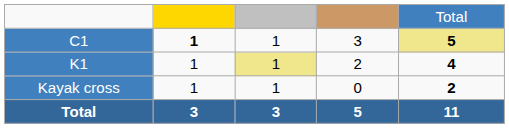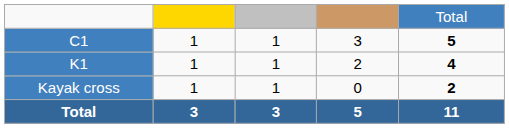 <table class="wikitable"  style="font-size:95%; text-align:center; border:gray solid 1px; width:40%;">
 <tr>
 <td rowspan="2" style="width:3%;"></td>
 </tr>
 <tr>
 <td style="width:2%;" bgcolor=gold></td>
 <td style="width:2%;" bgcolor=silver></td>
 <td style="width:2%;" bgcolor=cc9966></td>
 <td style="width:2%; background-color:#4180be; color:white;">Total</td>
 </tr>
 <tr>
 <td style="background-color:#4180be; color:white;">C1</td>
-<td><strong>1</strong></td>
+<td>1</td>
 <td>1</td>
 <td>3</td>
-<td style="background: khaki;"><strong>5</strong></td>
+<td><strong>5</strong></td>
 </tr>
 <tr>
 <td style="background-color:#4180be; color:white;">K1</td>
 <td>1</td>
-<td style="background: khaki;">1</td>
+<td>1</td>
 <td>2</td>
 <td><strong>4</strong></td>
 </tr>
 <tr>
 <td style="background-color:#4180be; color:white;">Kayak cross</td>
 <td>1</td>
 <td>1</td>
 <td>0</td>
 <td><strong>2</strong></td>
 </tr>
 <tr style="background:#369; color:white;">
 <td><strong>Total</strong></td>
 <td><strong>3</strong></td>
 <td><strong>3</strong></td>
 <td><strong>5</strong></td>
 <td><strong>11</strong></td>
 </tr>
 </table>
